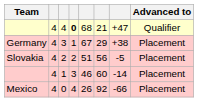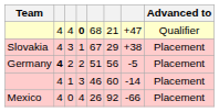 <table class="wikitable" style="text-align:center;">
 <tr>
 <th>Team</th>
 <th></th>
 <th></th>
 <th></th>
 <th></th>
 <th></th>
 <th></th>
 <th>Advanced to</th>
 </tr>
 <tr bgcolor=#ffc>
 <td align=left></td>
 <td>4</td>
 <td>4</td>
 <td><strong>0</strong></td>
 <td>68</td>
 <td>21</td>
 <td>+47</td>
 <td>Qualifier</td>
 </tr>
 <tr bgcolor=#fcc>
-<td align=left> Germany</td>
+<td align=left> Slovakia</td>
 <td>4</td>
 <td>3</td>
 <td>1</td>
 <td>67</td>
 <td>29</td>
 <td>+38</td>
 <td>Placement</td>
 </tr>
 <tr bgcolor=#fcc>
-<td align=left> Slovakia</td>
-<td>4</td>
+<td align=left> Germany</td>
+<td><strong>4</strong></td>
 <td>2</td>
 <td>2</td>
 <td>51</td>
 <td>56</td>
 <td>-5</td>
 <td>Placement</td>
 </tr>
 <tr bgcolor=#fcc>
 <td align=left></td>
 <td>4</td>
 <td>1</td>
 <td>3</td>
 <td>46</td>
 <td>60</td>
 <td>-14</td>
 <td>Placement</td>
 </tr>
 <tr bgcolor=#fcc>
 <td align=left> Mexico</td>
 <td>4</td>
 <td>0</td>
 <td>4</td>
 <td>26</td>
 <td>92</td>
 <td>-66</td>
 <td>Placement</td>
 </tr>
 </table>
